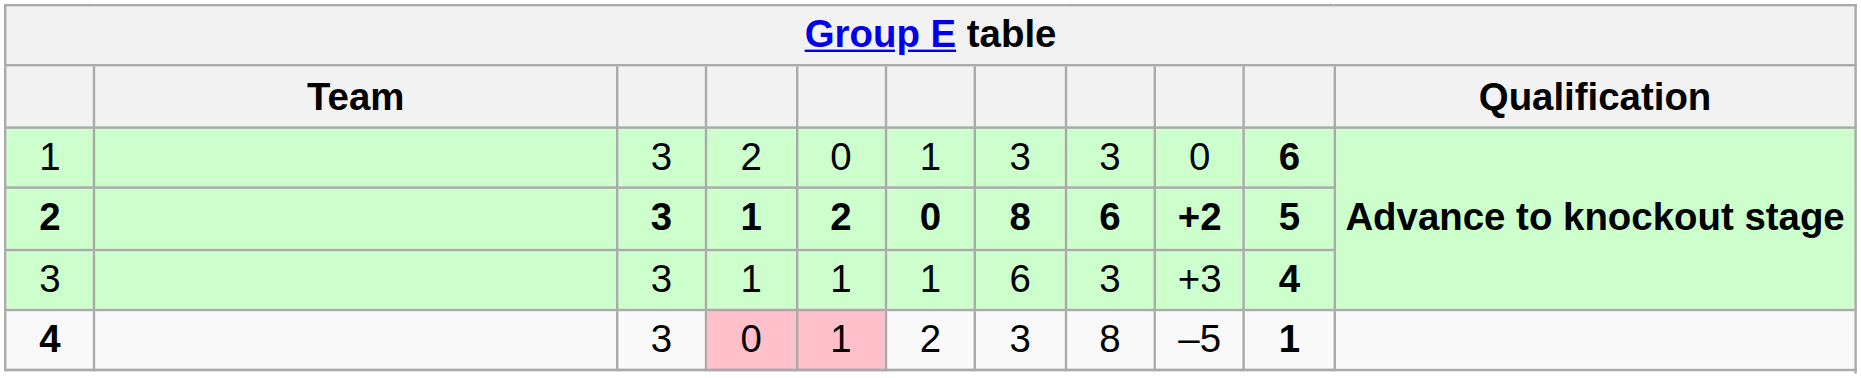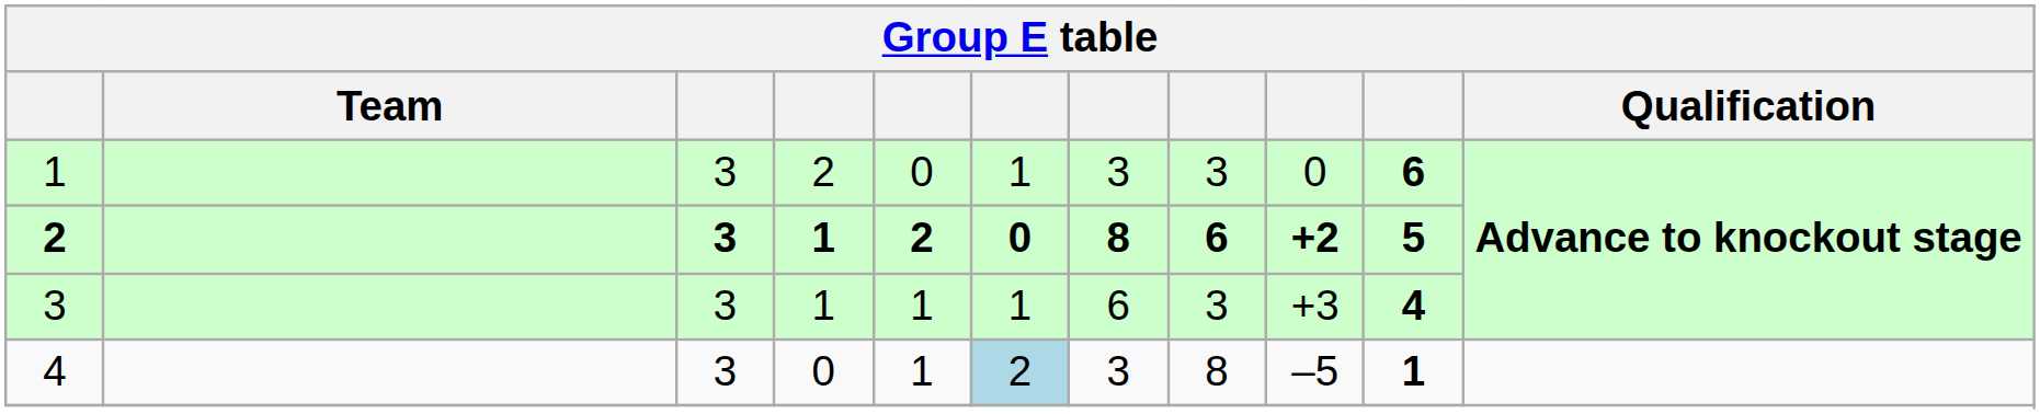 <table class="wikitable" style="text-align: center;">
 <tr>
 <th colspan="11"><a href='#'>Group E</a> table</th>
 </tr>
 <tr>
 <th width=30></th>
 <th width="210">Team</th>
 <th width=30></th>
 <th width=30></th>
 <th width=30></th>
 <th width=30></th>
 <th width=30></th>
 <th width=30></th>
 <th width=30></th>
 <th width=30></th>
 <th width=210>Qualification</th>
 </tr>
 <tr style="background:#ccffcc;">
 <td>1</td>
 <td align="left"></td>
 <td>3</td>
 <td>2</td>
 <td>0</td>
 <td>1</td>
 <td>3</td>
 <td>3</td>
 <td>0</td>
 <td><strong>6</strong></td>
 <td rowspan="3"><strong>Advance to knockout stage</strong></td>
 </tr>
 <tr style="background:#ccffcc;">
 <td><strong>2</strong></td>
 <td align="left"><strong></strong></td>
 <td><strong>3</strong></td>
 <td><strong>1</strong></td>
 <td><strong>2</strong></td>
 <td><strong>0</strong></td>
 <td><strong>8</strong></td>
 <td><strong>6</strong></td>
 <td><strong>+2</strong></td>
 <td><strong>5</strong></td>
 </tr>
 <tr style="background:#ccffcc;">
 <td>3</td>
 <td align="left"></td>
 <td>3</td>
 <td>1</td>
 <td>1</td>
 <td>1</td>
 <td>6</td>
 <td>3</td>
 <td>+3</td>
 <td><strong>4</strong></td>
 </tr>
 <tr>
-<td><strong>4</strong></td>
+<td>4</td>
 <td align="left"></td>
 <td>3</td>
-<td style="background: pink;">0</td>
-<td style="background: pink;">1</td>
-<td>2</td>
+<td>0</td>
+<td>1</td>
+<td style="background: lightblue;">2</td>
 <td>3</td>
 <td>8</td>
 <td>–5</td>
 <td><strong>1</strong></td>
 </tr>
 <tr>
 </tr>
 </table>
